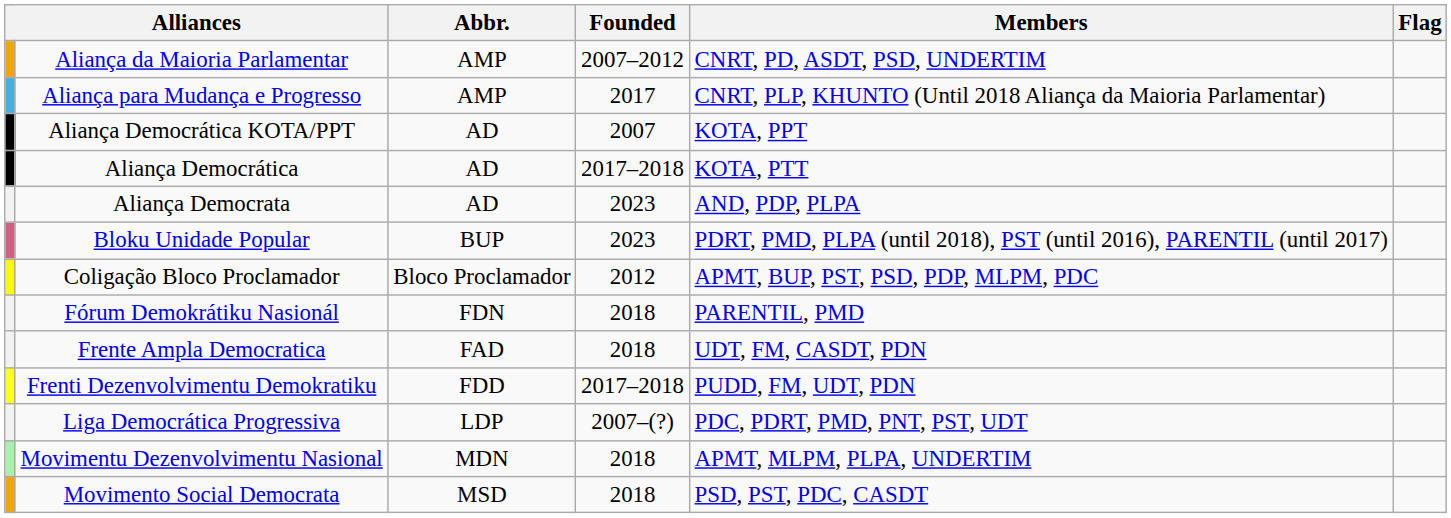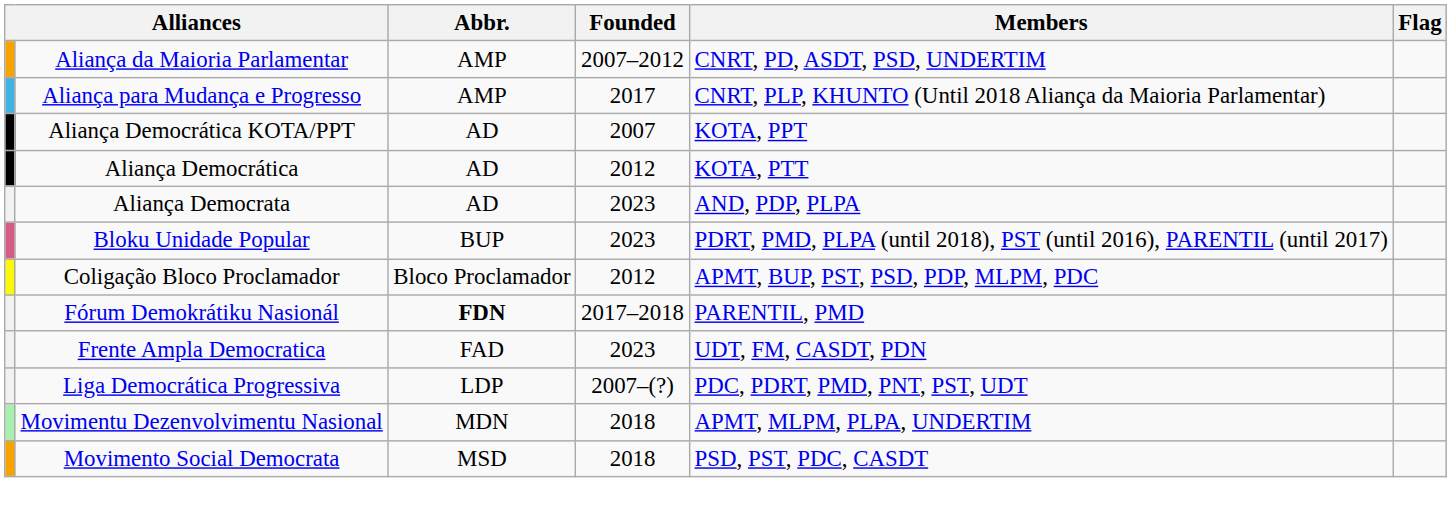 <table class="wikitable sortable">
 <tr>
 <th colspan=2>Alliances</th>
 <th>Abbr.</th>
 <th>Founded</th>
 <th>Members</th>
 <th>Flag</th>
 </tr>
 <tr>
 <th style="background-color: #f8a400"></th>
 <td align=center><a href='#'>Aliança da Maioria Parlamentar</a></td>
 <td align="center">AMP</td>
 <td align=center>2007–2012</td>
 <td align=left><a href='#'>CNRT</a>, <a href='#'>PD</a>, <a href='#'>ASDT</a>, <a href='#'>PSD</a>, <a href='#'>UNDERTIM</a></td>
 <td></td>
 </tr>
 <tr>
 <th style="background-color: #3fb1e2"></th>
 <td align=center><a href='#'>Aliança para Mudança e Progresso</a></td>
 <td align=center>AMP</td>
 <td align=center> 2017</td>
 <td align=left><a href='#'>CNRT</a>, <a href='#'>PLP</a>, <a href='#'>KHUNTO</a> (Until 2018 Aliança da Maioria Parlamentar)</td>
 <td></td>
 </tr>
 <tr>
 <th style="background-color: #000000"></th>
 <td align=center>Aliança Democrática KOTA/PPT</td>
 <td align=center>AD</td>
 <td align=center>2007</td>
 <td align=left><a href='#'>KOTA</a>, <a href='#'>PPT</a></td>
 <td></td>
 </tr>
 <tr>
 <th style="background-color: #000000"></th>
 <td align=center>Aliança Democrática</td>
 <td align=center>AD</td>
-<td align=center>2017–2018</td>
+<td align=center>2012</td>
 <td align=left><a href='#'>KOTA</a>, <a href='#'>PTT</a></td>
 <td></td>
 </tr>
 <tr>
 <th></th>
 <td align=center>Aliança Democrata</td>
 <td align=center>AD</td>
 <td align=center>2023</td>
 <td align=left><a href='#'>AND</a>, <a href='#'>PDP</a>, <a href='#'>PLPA</a></td>
 <td></td>
 </tr>
 <tr>
 <th style="background-color: #d65c83"></th>
 <td align=center><a href='#'>Bloku Unidade Popular</a></td>
 <td align=center>BUP</td>
 <td align=center> 2023</td>
 <td align=left><a href='#'>PDRT</a>, <a href='#'>PMD</a>, <a href='#'>PLPA</a> (until 2018), <a href='#'>PST</a> (until 2016), <a href='#'>PARENTIL</a> (until 2017)</td>
 <td></td>
 </tr>
 <tr>
 <th style="background-color: #fbf80d"></th>
 <td align=center>Coligação Bloco Proclamador</td>
 <td align=center>Bloco Proclamador</td>
 <td align=center>2012</td>
 <td align=left><a href='#'>APMT</a>, <a href='#'>BUP</a>, <a href='#'>PST</a>, <a href='#'>PSD</a>, <a href='#'>PDP</a>, <a href='#'>MLPM</a>, <a href='#'>PDC</a></td>
 <td></td>
 </tr>
 <tr>
 <th style="background-color: "></th>
 <td align=center><a href='#'>Fórum Demokrátiku Nasionál</a></td>
-<td align="center">FDN</td>
-<td align=center> 2018</td>
+<td align="center"><strong>FDN</strong></td>
+<td align=center>2017–2018</td>
 <td align=left><a href='#'>PARENTIL</a>, <a href='#'>PMD</a></td>
 <td></td>
 </tr>
 <tr>
 <th></th>
 <td align=center><a href='#'>Frente Ampla Democratica</a></td>
 <td align="center">FAD</td>
-<td align=center> 2018</td>
+<td align=center> 2023</td>
 <td align=left><a href='#'>UDT</a>, <a href='#'>FM</a>, <a href='#'>CASDT</a>, <a href='#'>PDN</a></td>
-<td></td>
-</tr>
-<tr>
-<th style="background-color: #fefe1f"></th>
-<td align=center><a href='#'>Frenti Dezenvolvimentu Demokratiku</a></td>
-<td align="center">FDD</td>
-<td align=center>2017–2018</td>
-<td align=left><a href='#'>PUDD</a>, <a href='#'>FM</a>, <a href='#'>UDT</a>, <a href='#'>PDN</a></td>
 <td></td>
 </tr>
 <tr>
 <th style="background-color: "></th>
 <td align=center><a href='#'>Liga Democrática Progressiva</a></td>
 <td align="center">LDP</td>
 <td align=center>2007–(?)</td>
 <td align=left><a href='#'>PDC</a>, <a href='#'>PDRT</a>, <a href='#'>PMD</a>, <a href='#'>PNT</a>, <a href='#'>PST</a>, <a href='#'>UDT</a></td>
 <td></td>
 </tr>
 <tr>
 <th style="background-color: #a9f0ae"></th>
 <td align=center><a href='#'>Movimentu Dezenvolvimentu Nasional</a></td>
 <td align="center">MDN</td>
 <td align=center> 2018</td>
 <td align=left><a href='#'>APMT</a>, <a href='#'>MLPM</a>, <a href='#'>PLPA</a>, <a href='#'>UNDERTIM</a></td>
 <td></td>
 </tr>
 <tr>
 <th style="background-color: #f8a400"></th>
 <td align=center><a href='#'>Movimento Social Democrata</a></td>
 <td align="center">MSD</td>
 <td align=center> 2018</td>
 <td align=left><a href='#'>PSD</a>, <a href='#'>PST</a>, <a href='#'>PDC</a>, <a href='#'>CASDT</a></td>
 <td></td>
 </tr>
 </table>
